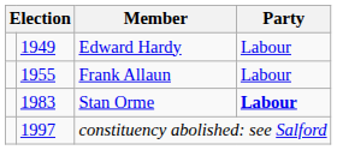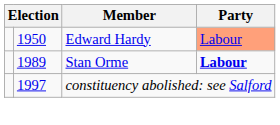 <table class="wikitable">
 <tr>
 <th colspan="2">Election</th>
 <th>Member</th>
 <th>Party</th>
 </tr>
 <tr>
 <td style="color:inherit;background-color: "></td>
-<td><a href='#'>1949</a></td>
+<td><a href='#'>1950</a></td>
 <td><a href='#'>Edward Hardy</a></td>
-<td><a href='#'>Labour</a></td>
+<td style="background: lightsalmon;"><a href='#'>Labour</a></td>
 </tr>
 <tr>
 <td style="color:inherit;background-color: "></td>
-<td><a href='#'>1955</a></td>
-<td><a href='#'>Frank Allaun</a></td>
-<td><a href='#'>Labour</a></td>
-</tr>
-<tr>
-<td style="color:inherit;background-color: "></td>
-<td><a href='#'>1983</a></td>
+<td><a href='#'>1989</a></td>
 <td><a href='#'>Stan Orme</a></td>
 <td><strong><a href='#'>Labour</a></strong></td>
 </tr>
 <tr>
 <td></td>
 <td><a href='#'>1997</a></td>
 <td colspan="2"><em>constituency abolished: see <a href='#'>Salford</a></em></td>
 </tr>
 </table>
